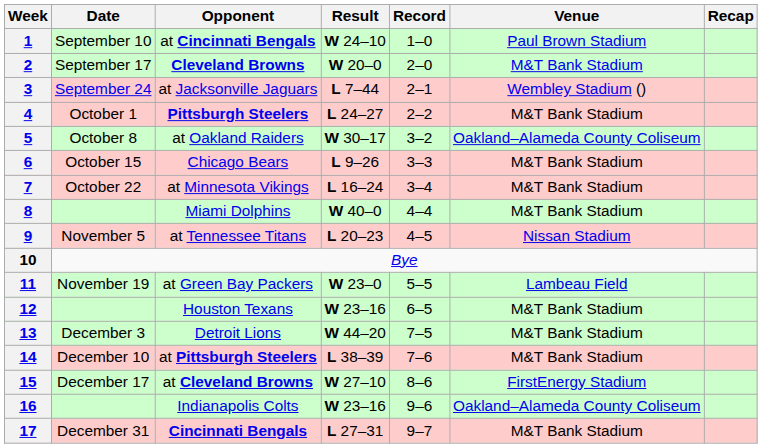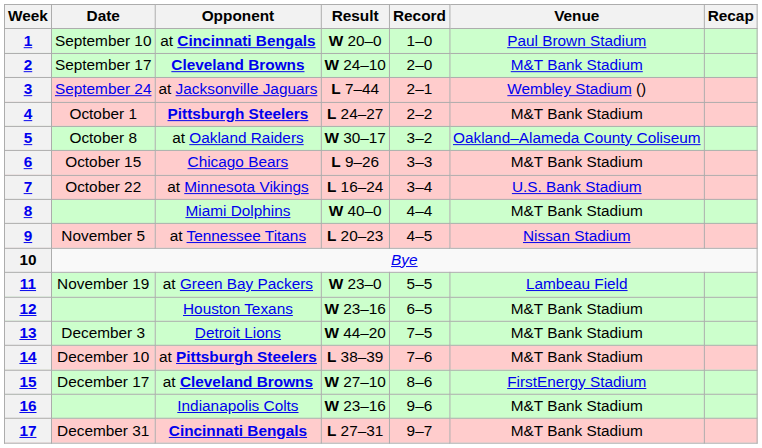 <table class="wikitable" style="text-align:center">
 <tr>
 <th>Week</th>
 <th>Date</th>
 <th>Opponent</th>
 <th>Result</th>
 <th>Record</th>
 <th>Venue</th>
 <th>Recap</th>
 </tr>
 <tr style="background:#cfc">
 <th><a href='#'>1</a></th>
 <td>September 10</td>
 <td>at <strong><a href='#'>Cincinnati Bengals</a></strong></td>
-<td><strong>W</strong> 24–10</td>
+<td><strong>W</strong> 20–0</td>
 <td>1–0</td>
 <td><a href='#'>Paul Brown Stadium</a></td>
 <td></td>
 </tr>
 <tr style="background:#cfc">
 <th><a href='#'>2</a></th>
 <td>September 17</td>
 <td><strong><a href='#'>Cleveland Browns</a></strong></td>
-<td><strong>W</strong> 20–0</td>
+<td><strong>W</strong> 24–10</td>
 <td>2–0</td>
 <td><a href='#'>M&T Bank Stadium</a></td>
 <td></td>
 </tr>
 <tr style="background:#fcc">
 <th><a href='#'>3</a></th>
 <td><a href='#'>September 24</a></td>
 <td>at <a href='#'>Jacksonville Jaguars</a></td>
 <td><strong>L</strong> 7–44</td>
 <td>2–1</td>
 <td> <a href='#'>Wembley Stadium</a> ()</td>
 <td></td>
 </tr>
 <tr style="background:#fcc">
 <th><a href='#'>4</a></th>
 <td>October 1</td>
 <td><strong><a href='#'>Pittsburgh Steelers</a></strong></td>
 <td><strong>L</strong> 24–27 </td>
 <td>2–2</td>
 <td>M&T Bank Stadium</td>
 <td></td>
 </tr>
 <tr style="background:#cfc">
 <th><a href='#'>5</a></th>
 <td>October 8</td>
 <td>at <a href='#'>Oakland Raiders</a></td>
 <td><strong>W</strong> 30–17</td>
 <td>3–2</td>
 <td><a href='#'>Oakland–Alameda County Coliseum</a></td>
 <td></td>
 </tr>
 <tr style="background:#fcc">
 <th><a href='#'>6</a></th>
 <td>October 15</td>
 <td><a href='#'>Chicago Bears</a></td>
 <td><strong>L</strong> 9–26</td>
 <td>3–3</td>
 <td>M&T Bank Stadium</td>
 <td></td>
 </tr>
 <tr style="background:#fcc">
 <th><a href='#'>7</a></th>
 <td>October 22</td>
 <td>at <a href='#'>Minnesota Vikings</a></td>
 <td><strong>L</strong> 16–24</td>
 <td>3–4</td>
-<td>M&T Bank Stadium</td>
+<td><a href='#'>U.S. Bank Stadium</a></td>
 <td></td>
 </tr>
 <tr style="background:#cfc">
 <th><a href='#'>8</a></th>
 <td></td>
 <td><a href='#'>Miami Dolphins</a></td>
 <td><strong>W</strong> 40–0</td>
 <td>4–4</td>
 <td>M&T Bank Stadium</td>
 <td></td>
 </tr>
 <tr style="background:#fcc">
 <th><a href='#'>9</a></th>
 <td>November 5</td>
 <td>at <a href='#'>Tennessee Titans</a></td>
 <td><strong>L</strong> 20–23</td>
 <td>4–5</td>
 <td><a href='#'>Nissan Stadium</a></td>
 <td></td>
 </tr>
 <tr>
 <th>10</th>
 <td colspan="6"><em><a href='#'>Bye</a></em></td>
 </tr>
 <tr style="background:#cfc">
 <th><a href='#'>11</a></th>
 <td>November 19</td>
 <td>at <a href='#'>Green Bay Packers</a></td>
 <td><strong>W</strong> 23–0</td>
 <td>5–5</td>
 <td><a href='#'>Lambeau Field</a></td>
 <td></td>
 </tr>
 <tr style="background:#cfc">
 <th><a href='#'>12</a></th>
 <td></td>
 <td><a href='#'>Houston Texans</a></td>
 <td><strong>W</strong> 23–16</td>
 <td>6–5</td>
 <td>M&T Bank Stadium</td>
 <td></td>
 </tr>
 <tr style="background:#cfc">
 <th><a href='#'>13</a></th>
 <td>December 3</td>
 <td><a href='#'>Detroit Lions</a></td>
 <td><strong>W</strong> 44–20</td>
 <td>7–5</td>
 <td>M&T Bank Stadium</td>
 <td></td>
 </tr>
 <tr style="background:#fcc">
 <th><a href='#'>14</a></th>
 <td>December 10</td>
 <td>at <strong><a href='#'>Pittsburgh Steelers</a></strong></td>
 <td><strong>L</strong> 38–39</td>
 <td>7–6</td>
 <td>M&T Bank Stadium</td>
 <td></td>
 </tr>
 <tr style="background:#cfc">
 <th><a href='#'>15</a></th>
 <td>December 17</td>
 <td>at <strong><a href='#'>Cleveland Browns</a></strong></td>
 <td><strong>W</strong> 27–10</td>
 <td>8–6</td>
 <td><a href='#'>FirstEnergy Stadium</a></td>
 <td></td>
 </tr>
 <tr style="background:#cfc">
 <th><a href='#'>16</a></th>
 <td></td>
 <td><a href='#'>Indianapolis Colts</a></td>
 <td><strong>W</strong> 23–16</td>
 <td>9–6</td>
-<td><a href='#'>Oakland–Alameda County Coliseum</a></td>
+<td>M&T Bank Stadium</td>
 <td></td>
 </tr>
 <tr style="background:#fcc">
 <th><a href='#'>17</a></th>
 <td>December 31</td>
 <td><strong><a href='#'>Cincinnati Bengals</a></strong></td>
 <td><strong>L</strong> 27–31</td>
 <td>9–7</td>
 <td>M&T Bank Stadium</td>
 <td></td>
 </tr>
 </table>
